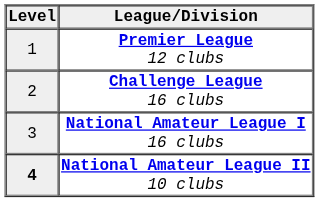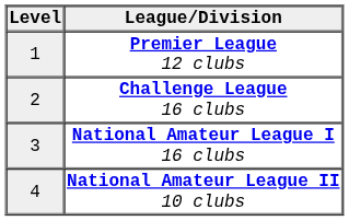 <table align="center" border="1" cellspacing="0">
 <tr style="background:#efefef;">
 <th>Level</th>
 <th>League/Division</th>
 </tr>
 <tr>
 <td align="center" style="background:#efefef;">1</td>
 <td align="center"><strong><a href='#'>Premier League</a></strong><br><em>12 clubs</em></td>
 </tr>
 <tr>
 <td align="center" style="background:#efefef;">2</td>
 <td align="center"><strong><a href='#'>Challenge League</a></strong><br><em>16 clubs</em></td>
 </tr>
 <tr>
 <td align="center" style="background:#efefef;">3</td>
 <td align="center"><strong><a href='#'>National Amateur League I</a></strong><br><em>16 clubs</em></td>
 </tr>
 <tr>
-<td align="center" style="background:#efefef;"><strong>4</strong></td>
+<td align="center" style="background:#efefef;">4</td>
 <td align="center"><strong><a href='#'>National Amateur League II</a></strong><br><em>10 clubs</em></td>
 </tr>
 </table>
